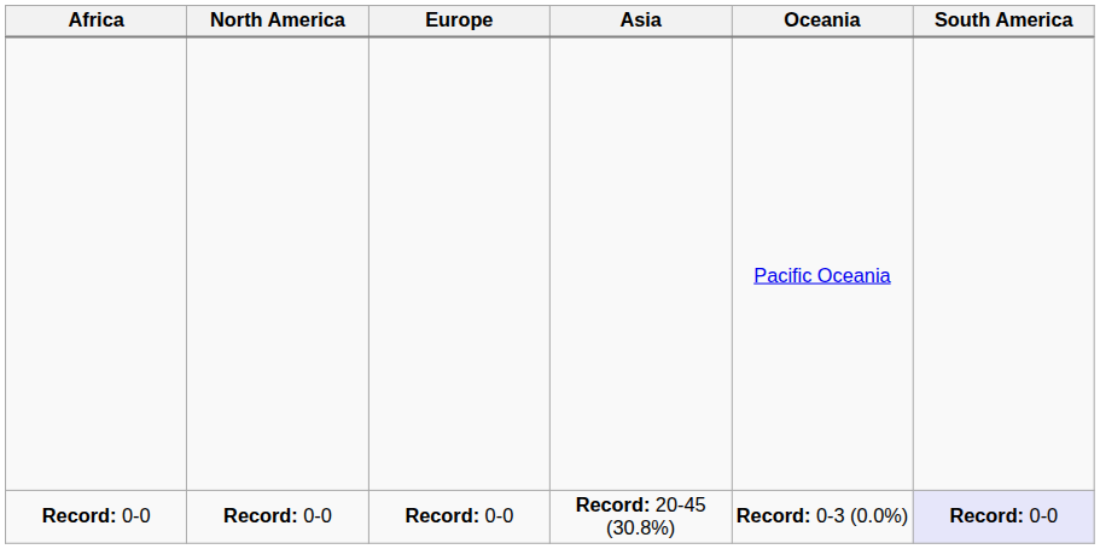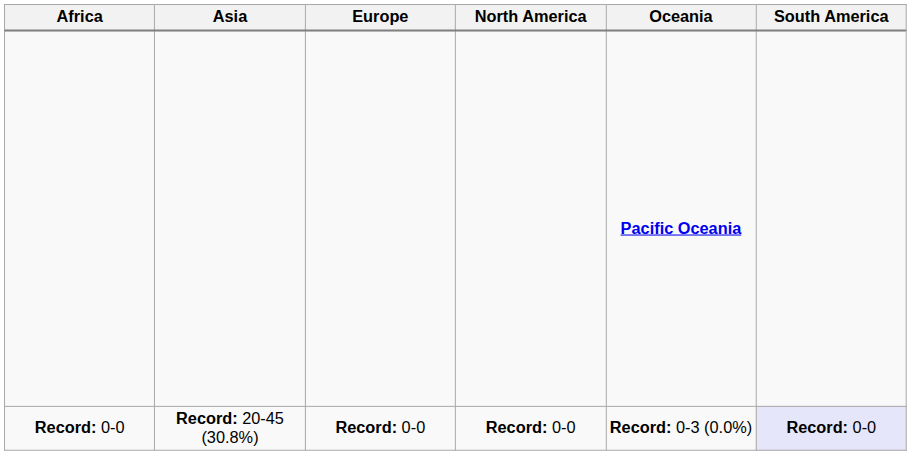 <table class="wikitable">
 <tr>
 <th width="140">Africa</th>
+<th width="140">Asia</th>
+<th width="140">Europe</th>
 <th width="140">North America</th>
-<th width="140">Europe</th>
-<th width="140">Asia</th>
 <th width="140">Oceania</th>
 <th width="140">South America</th>
 </tr>
 <tr style="border-top:2px solid gray;">
 <td align="center"></td>
+<td align="center"><br><br><br><br><br><br><br><br><br><br><br><br><br><br><br><br><br><br><br><br></td>
 <td align="center"></td>
 <td align="center"></td>
-<td align="center"><br><br><br><br><br><br><br><br><br><br><br><br><br><br><br><br><br><br><br><br></td>
-<td align="center"><br><a href='#'>Pacific Oceania</a></td>
+<td align="center"><strong><br><a href='#'>Pacific Oceania</a></strong></td>
 <td align="center"></td>
 </tr>
 <tr>
 <td align="center"><strong>Record:</strong> 0-0</td>
+<td align="center"><strong>Record:</strong> 20-45 (30.8%)</td>
 <td align="center"><strong>Record:</strong> 0-0</td>
 <td align="center"><strong>Record:</strong> 0-0</td>
-<td align="center"><strong>Record:</strong> 20-45 (30.8%)</td>
 <td align="center"><strong>Record:</strong> 0-3 (0.0%)</td>
 <td align="center" style="background: lavender;"><strong>Record:</strong> 0-0</td>
 </tr>
 </table>
